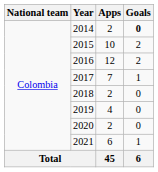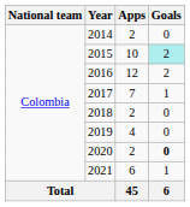 <table class="wikitable" style="text-align:center">
 <tr>
 <th>National team</th>
 <th>Year</th>
 <th>Apps</th>
 <th>Goals</th>
 </tr>
 <tr>
 <td rowspan="8"><a href='#'>Colombia</a></td>
 <td>2014</td>
 <td>2</td>
-<td><strong>0</strong></td>
+<td>0</td>
 </tr>
 <tr>
 <td>2015</td>
 <td>10</td>
-<td>2</td>
+<td style="background: paleturquoise;">2</td>
 </tr>
 <tr>
 <td>2016</td>
 <td>12</td>
 <td>2</td>
 </tr>
 <tr>
 <td>2017</td>
 <td>7</td>
 <td>1</td>
 </tr>
 <tr>
 <td>2018</td>
 <td>2</td>
 <td>0</td>
 </tr>
 <tr>
 <td>2019</td>
 <td>4</td>
 <td>0</td>
 </tr>
 <tr>
 <td>2020</td>
 <td>2</td>
-<td>0</td>
+<td><strong>0</strong></td>
 </tr>
 <tr>
 <td>2021</td>
 <td>6</td>
 <td>1</td>
 </tr>
 <tr>
 <th colspan="2">Total</th>
 <th>45</th>
 <th>6</th>
 </tr>
 </table>
